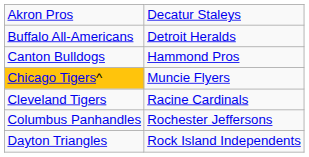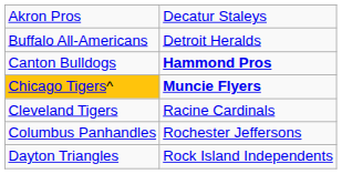 <table class="wikitable">
 <tr>
 <td><a href='#'>Akron Pros</a></td>
 <td><a href='#'>Decatur Staleys</a></td>
 </tr>
 <tr>
 <td><a href='#'>Buffalo All-Americans</a></td>
 <td><a href='#'>Detroit Heralds</a></td>
 </tr>
 <tr>
 <td><a href='#'>Canton Bulldogs</a></td>
-<td><a href='#'>Hammond Pros</a></td>
+<td><strong><a href='#'>Hammond Pros</a></strong></td>
 </tr>
 <tr>
 <td style="background-color:#FFC40C;"><a href='#'>Chicago Tigers</a>^</td>
-<td><a href='#'>Muncie Flyers</a></td>
+<td><strong><a href='#'>Muncie Flyers</a></strong></td>
 </tr>
 <tr>
 <td><a href='#'>Cleveland Tigers</a></td>
 <td><a href='#'>Racine Cardinals</a></td>
 </tr>
 <tr>
 <td><a href='#'>Columbus Panhandles</a></td>
 <td><a href='#'>Rochester Jeffersons</a></td>
 </tr>
 <tr>
 <td><a href='#'>Dayton Triangles</a></td>
 <td><a href='#'>Rock Island Independents</a></td>
 </tr>
 </table>
